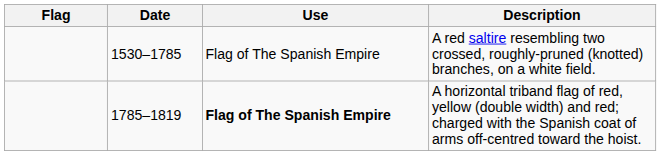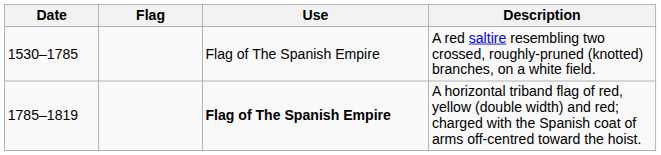 <table class="wikitable">
 <tr>
+<th style="width:100px;">Date</th>
 <th style="width:110px;">Flag</th>
-<th style="width:100px;">Date</th>
 <th style="width:250px;">Use</th>
 <th style="width:250px;">Description</th>
 </tr>
 <tr>
+<td>1530–1785</td>
 <td></td>
-<td>1530–1785</td>
 <td>Flag of The Spanish Empire</td>
 <td>A red <a href='#'>saltire</a> resembling two crossed, roughly-pruned (knotted) branches, on a white field.</td>
 </tr>
 <tr>
+<td>1785–1819</td>
 <td></td>
-<td>1785–1819</td>
 <td><strong>Flag of The Spanish Empire</strong></td>
 <td>A horizontal triband flag of red, yellow (double width) and red; charged with the Spanish coat of arms off-centred toward the hoist.</td>
 </tr>
 </table>
